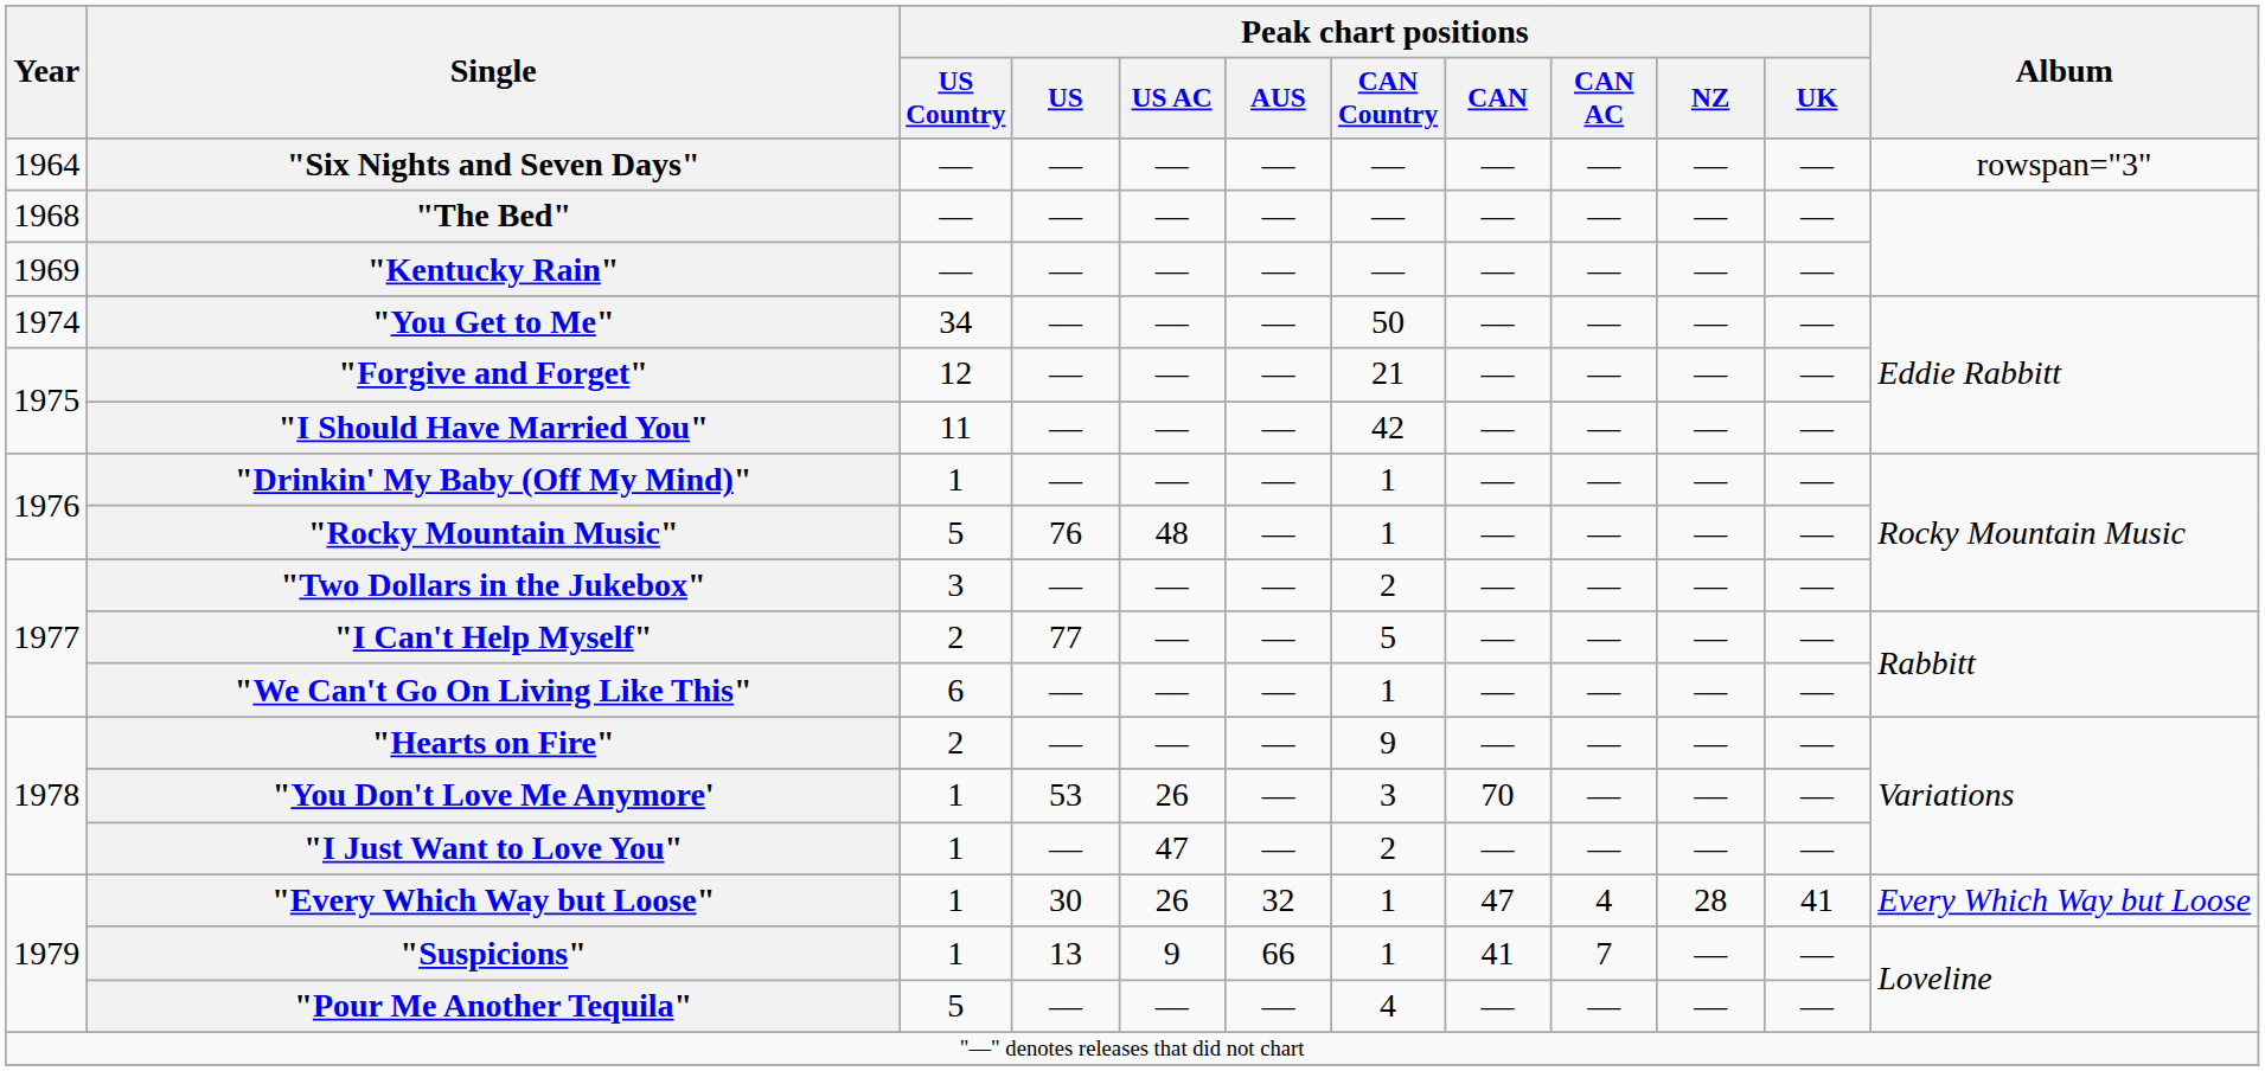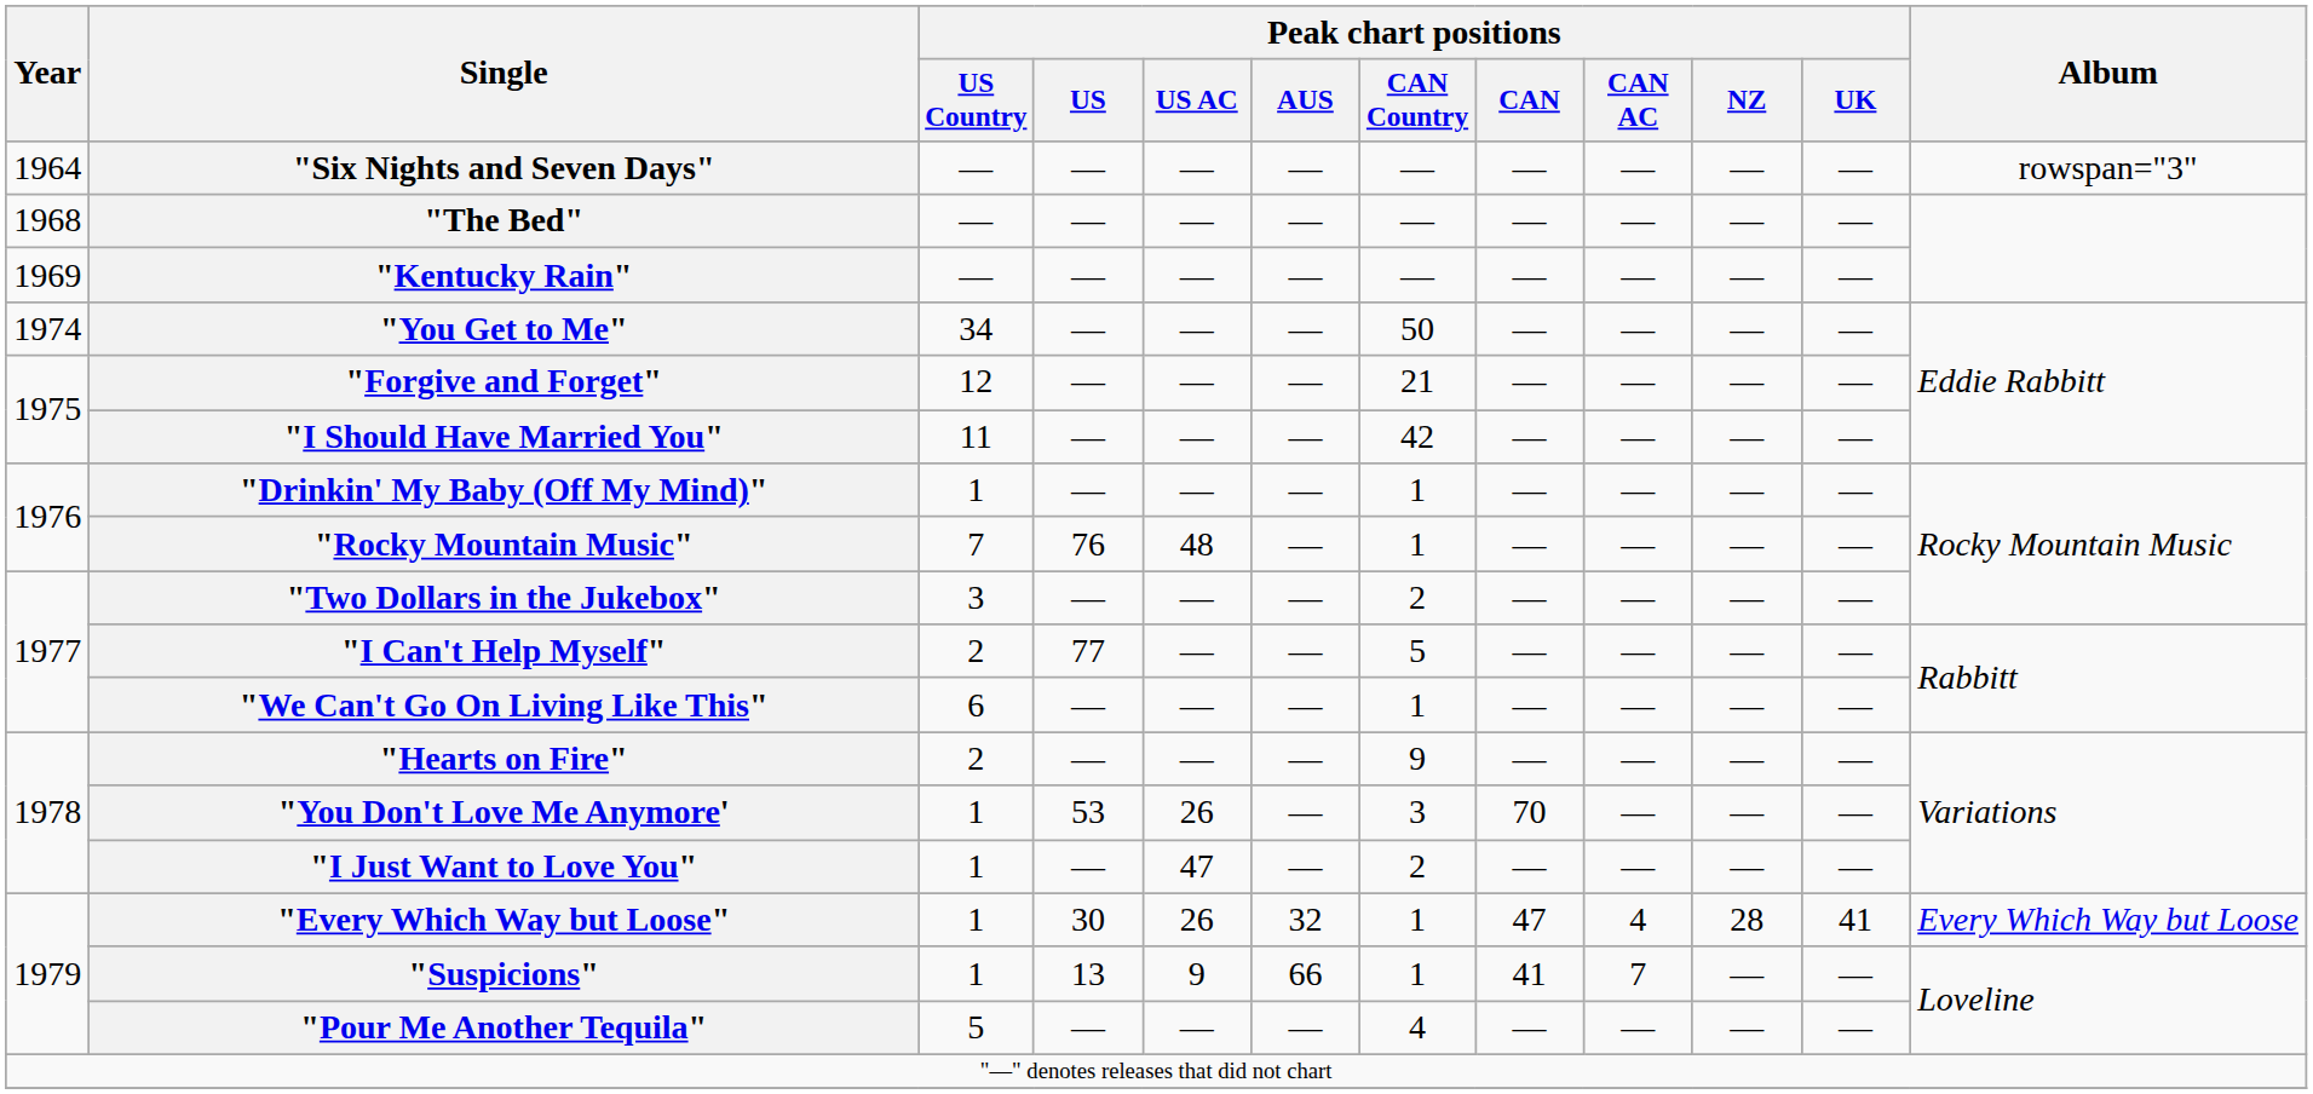 <table class="wikitable plainrowheaders" style="text-align:center;">
 <tr>
 <th rowspan="2">Year</th>
 <th rowspan="2" style="width:24em;">Single</th>
 <th colspan="9">Peak chart positions</th>
 <th rowspan="2">Album</th>
 </tr>
 <tr style="font-size:smaller;">
 <th width="45"><a href='#'>US Country</a><br></th>
 <th width="45"><a href='#'>US</a><br></th>
 <th width="45"><a href='#'>US AC</a><br></th>
 <th width="45"><a href='#'>AUS</a><br></th>
 <th width="45"><a href='#'>CAN Country</a><br></th>
 <th width="45"><a href='#'>CAN</a><br></th>
 <th width="45"><a href='#'>CAN AC</a><br></th>
 <th width="45"><a href='#'>NZ</a><br></th>
 <th width="45"><a href='#'>UK</a><br></th>
 </tr>
 <tr>
 <td>1964</td>
 <th scope="row">"Six Nights and Seven Days"</th>
 <td>—</td>
 <td>—</td>
 <td>—</td>
 <td>—</td>
 <td>—</td>
 <td>—</td>
 <td>—</td>
 <td>—</td>
 <td>—</td>
 <td>rowspan="3" </td>
 </tr>
 <tr>
 <td>1968</td>
 <th scope="row">"The Bed"</th>
 <td>—</td>
 <td>—</td>
 <td>—</td>
 <td>—</td>
 <td>—</td>
 <td>—</td>
 <td>—</td>
 <td>—</td>
 <td>—</td>
 </tr>
 <tr>
 <td>1969</td>
 <th scope="row">"<a href='#'>Kentucky Rain</a>"</th>
 <td>—</td>
 <td>—</td>
 <td>—</td>
 <td>—</td>
 <td>—</td>
 <td>—</td>
 <td>—</td>
 <td>—</td>
 <td>—</td>
 </tr>
 <tr>
 <td>1974</td>
 <th scope="row">"<a href='#'>You Get to Me</a>"</th>
 <td>34</td>
 <td>—</td>
 <td>—</td>
 <td>—</td>
 <td>50</td>
 <td>—</td>
 <td>—</td>
 <td>—</td>
 <td>—</td>
 <td align="left" rowspan="3"><em>Eddie Rabbitt</em></td>
 </tr>
 <tr>
 <td rowspan="2">1975</td>
 <th scope="row">"<a href='#'>Forgive and Forget</a>"</th>
 <td>12</td>
 <td>—</td>
 <td>—</td>
 <td>—</td>
 <td>21</td>
 <td>—</td>
 <td>—</td>
 <td>—</td>
 <td>—</td>
 </tr>
 <tr>
 <th scope="row">"<a href='#'>I Should Have Married You</a>"</th>
 <td>11</td>
 <td>—</td>
 <td>—</td>
 <td>—</td>
 <td>42</td>
 <td>—</td>
 <td>—</td>
 <td>—</td>
 <td>—</td>
 </tr>
 <tr>
 <td rowspan="2">1976</td>
 <th scope="row">"<a href='#'>Drinkin' My Baby (Off My Mind)</a>"</th>
 <td>1</td>
 <td>—</td>
 <td>—</td>
 <td>—</td>
 <td>1</td>
 <td>—</td>
 <td>—</td>
 <td>—</td>
 <td>—</td>
 <td align="left" rowspan="3"><em>Rocky Mountain Music</em></td>
 </tr>
 <tr>
 <th scope="row">"<a href='#'>Rocky Mountain Music</a>"</th>
-<td>5</td>
+<td>7</td>
 <td>76</td>
 <td>48</td>
 <td>—</td>
 <td>1</td>
 <td>—</td>
 <td>—</td>
 <td>—</td>
 <td>—</td>
 </tr>
 <tr>
 <td rowspan="3">1977</td>
 <th scope="row">"<a href='#'>Two Dollars in the Jukebox</a>"</th>
 <td>3</td>
 <td>—</td>
 <td>—</td>
 <td>—</td>
 <td>2</td>
 <td>—</td>
 <td>—</td>
 <td>—</td>
 <td>—</td>
 </tr>
 <tr>
 <th scope="row">"<a href='#'>I Can't Help Myself</a>"</th>
 <td>2</td>
 <td>77</td>
 <td>—</td>
 <td>—</td>
 <td>5</td>
 <td>—</td>
 <td>—</td>
 <td>—</td>
 <td>—</td>
 <td align="left" rowspan="2"><em>Rabbitt</em></td>
 </tr>
 <tr>
 <th scope="row">"<a href='#'>We Can't Go On Living Like This</a>"</th>
 <td>6</td>
 <td>—</td>
 <td>—</td>
 <td>—</td>
 <td>1</td>
 <td>—</td>
 <td>—</td>
 <td>—</td>
 <td>—</td>
 </tr>
 <tr>
 <td rowspan="3">1978</td>
 <th scope="row">"<a href='#'>Hearts on Fire</a>"</th>
 <td>2</td>
 <td>—</td>
 <td>—</td>
 <td>—</td>
 <td>9</td>
 <td>—</td>
 <td>—</td>
 <td>—</td>
 <td>—</td>
 <td align="left" rowspan="3"><em>Variations</em></td>
 </tr>
 <tr>
 <th scope="row">"<a href='#'>You Don't Love Me Anymore</a>'</th>
 <td>1</td>
 <td>53</td>
 <td>26</td>
 <td>—</td>
 <td>3</td>
 <td>70</td>
 <td>—</td>
 <td>—</td>
 <td>—</td>
 </tr>
 <tr>
 <th scope="row">"<a href='#'>I Just Want to Love You</a>"</th>
 <td>1</td>
 <td>—</td>
 <td>47</td>
 <td>—</td>
 <td>2</td>
 <td>—</td>
 <td>—</td>
 <td>—</td>
 <td>—</td>
 </tr>
 <tr>
 <td rowspan="3">1979</td>
 <th scope="row">"<a href='#'>Every Which Way but Loose</a>"</th>
 <td>1</td>
 <td>30</td>
 <td>26</td>
 <td>32</td>
 <td>1</td>
 <td>47</td>
 <td>4</td>
 <td>28</td>
 <td>41</td>
 <td align="left"><em><a href='#'>Every Which Way but Loose</a></em> </td>
 </tr>
 <tr>
 <th scope="row">"<a href='#'>Suspicions</a>"</th>
 <td>1</td>
 <td>13</td>
 <td>9</td>
 <td>66</td>
 <td>1</td>
 <td>41</td>
 <td>7</td>
 <td>—</td>
 <td>—</td>
 <td align="left" rowspan="2"><em>Loveline</em></td>
 </tr>
 <tr>
 <th scope="row">"<a href='#'>Pour Me Another Tequila</a>"</th>
 <td>5</td>
 <td>—</td>
 <td>—</td>
 <td>—</td>
 <td>4</td>
 <td>—</td>
 <td>—</td>
 <td>—</td>
 <td>—</td>
 </tr>
 <tr>
 <td colspan="15" style="font-size:8pt">"—" denotes releases that did not chart</td>
 </tr>
 <tr>
 </tr>
 </table>
